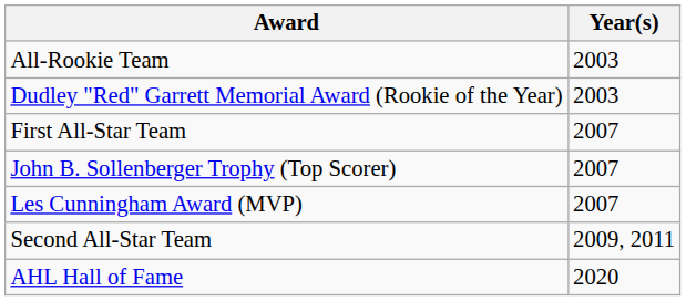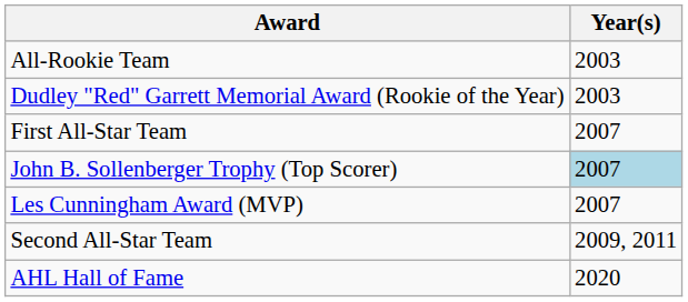 <table class="wikitable">
 <tr>
 <th>Award</th>
 <th>Year(s)</th>
 </tr>
 <tr>
 <td>All-Rookie Team</td>
 <td>2003</td>
 </tr>
 <tr>
 <td><a href='#'>Dudley "Red" Garrett Memorial Award</a> (Rookie of the Year)</td>
 <td>2003</td>
 </tr>
 <tr>
 <td>First All-Star Team</td>
 <td>2007</td>
 </tr>
 <tr>
 <td><a href='#'>John B. Sollenberger Trophy</a> (Top Scorer)</td>
-<td>2007</td>
+<td style="background: lightblue;">2007</td>
 </tr>
 <tr>
 <td><a href='#'>Les Cunningham Award</a> (MVP)</td>
 <td>2007</td>
 </tr>
 <tr>
 <td>Second All-Star Team</td>
 <td>2009, 2011</td>
 </tr>
 <tr>
 <td><a href='#'>AHL Hall of Fame</a></td>
 <td>2020</td>
 </tr>
 </table>
